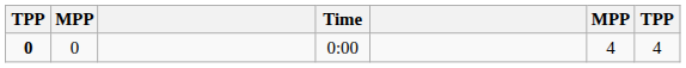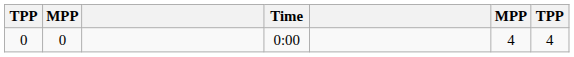 <table class="wikitable" style="text-align: center;" |>
 <tr>
 <th width="35">TPP</th>
 <th width="35">MPP</th>
 <th width="250"></th>
 <th width="45">Time</th>
 <th width="250"></th>
 <th width="35">MPP</th>
 <th width="35">TPP</th>
 </tr>
 <tr>
-<td><strong>0</strong></td>
+<td>0</td>
 <td>0</td>
 <td style="text-align:left;"><strong></strong></td>
 <td>0:00</td>
 <td style="text-align:left;"></td>
 <td>4</td>
 <td>4</td>
 </tr>
 </table>
